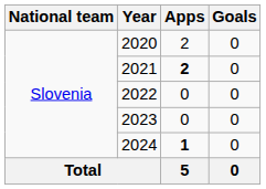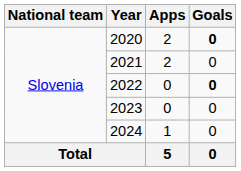 <table class=wikitable style=text-align:center>
 <tr>
 <th>National team</th>
 <th>Year</th>
 <th>Apps</th>
 <th>Goals</th>
 </tr>
 <tr>
 <td rowspan="5"><a href='#'>Slovenia</a></td>
 <td>2020</td>
 <td>2</td>
-<td>0</td>
+<td><strong>0</strong></td>
 </tr>
 <tr>
 <td>2021</td>
-<td><strong>2</strong></td>
+<td>2</td>
 <td>0</td>
 </tr>
 <tr>
 <td>2022</td>
 <td>0</td>
-<td>0</td>
+<td><strong>0</strong></td>
 </tr>
 <tr>
 <td>2023</td>
 <td>0</td>
 <td>0</td>
 </tr>
 <tr>
 <td>2024</td>
-<td><strong>1</strong></td>
+<td>1</td>
 <td>0</td>
 </tr>
 <tr>
 <th colspan="2">Total</th>
 <th>5</th>
 <th>0</th>
 </tr>
 </table>
